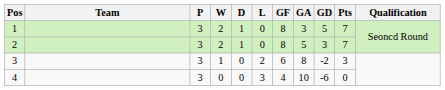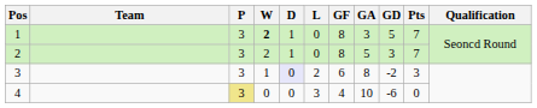 <table class="wikitable" border="1">
 <tr>
 <th width="25"><abbr>Pos</abbr></th>
 <th width="250">Team</th>
 <th width="25">P</th>
 <th width="25">W</th>
 <th width="25">D</th>
 <th width="25">L</th>
 <th width="25"><abbr>GF</abbr></th>
 <th width="25"><abbr>GA</abbr></th>
 <th width="25"><abbr>GD</abbr></th>
 <th width="25"><abbr>Pts</abbr></th>
 <th width="125">Qualification</th>
 </tr>
 <tr bgcolor= #D0F0C0>
 <td align="center">1</td>
 <td></td>
 <td align="center">3</td>
-<td align="center">2</td>
+<td align="center"><strong>2</strong></td>
 <td align="center">1</td>
 <td align="center">0</td>
 <td align="center">8</td>
 <td align="center">3</td>
 <td align="center">5</td>
 <td align="center">7</td>
 <td align="center" rowspan="2">Seoncd Round</td>
 </tr>
 <tr bgcolor= #D0F0C0>
 <td align="center">2</td>
 <td></td>
 <td align="center">3</td>
 <td align="center">2</td>
 <td align="center">1</td>
 <td align="center">0</td>
 <td align="center">8</td>
 <td align="center">5</td>
 <td align="center">3</td>
 <td align="center">7</td>
 </tr>
 <tr>
 <td align="center">3</td>
 <td></td>
 <td align="center">3</td>
 <td align="center">1</td>
-<td align="center">0</td>
+<td align="center" style="background: lavender;">0</td>
 <td align="center">2</td>
 <td align="center">6</td>
 <td align="center">8</td>
 <td align="center">-2</td>
 <td align="center">3</td>
 </tr>
 <tr>
 <td align="center">4</td>
 <td></td>
-<td align="center">3</td>
+<td align="center" style="background: khaki;">3</td>
 <td align="center">0</td>
 <td align="center">0</td>
 <td align="center">3</td>
 <td align="center">4</td>
 <td align="center">10</td>
 <td align="center">-6</td>
 <td align="center">0</td>
 </tr>
 </table>
